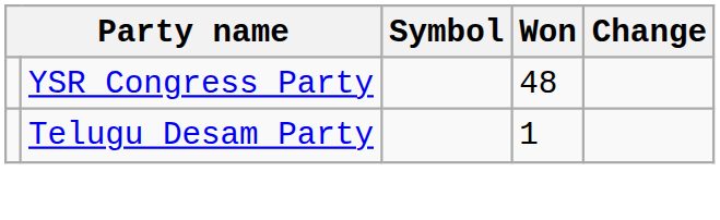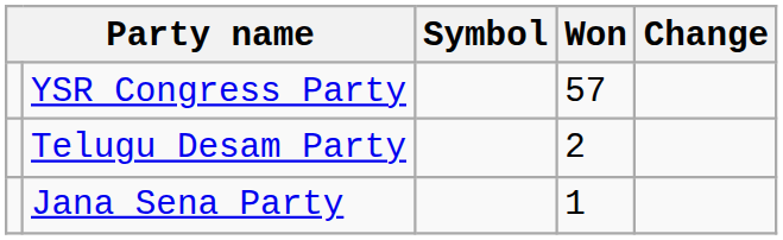 <table CLASS="sortable wikitable">
 <tr>
 <th colspan=2>Party name</th>
 <th>Symbol</th>
 <th>Won</th>
 <th>Change</th>
 </tr>
 <tr>
 <td></td>
 <td><a href='#'>YSR Congress Party</a></td>
 <td></td>
-<td>48</td>
+<td>57</td>
 <td></td>
 </tr>
 <tr>
 <td></td>
 <td><a href='#'>Telugu Desam Party</a></td>
 <td></td>
+<td>2</td>
+<td></td>
+</tr>
+<tr>
+<td></td>
+<td><a href='#'>Jana Sena Party</a></td>
+<td></td>
 <td>1</td>
 <td></td>
 </tr>
 </table>
